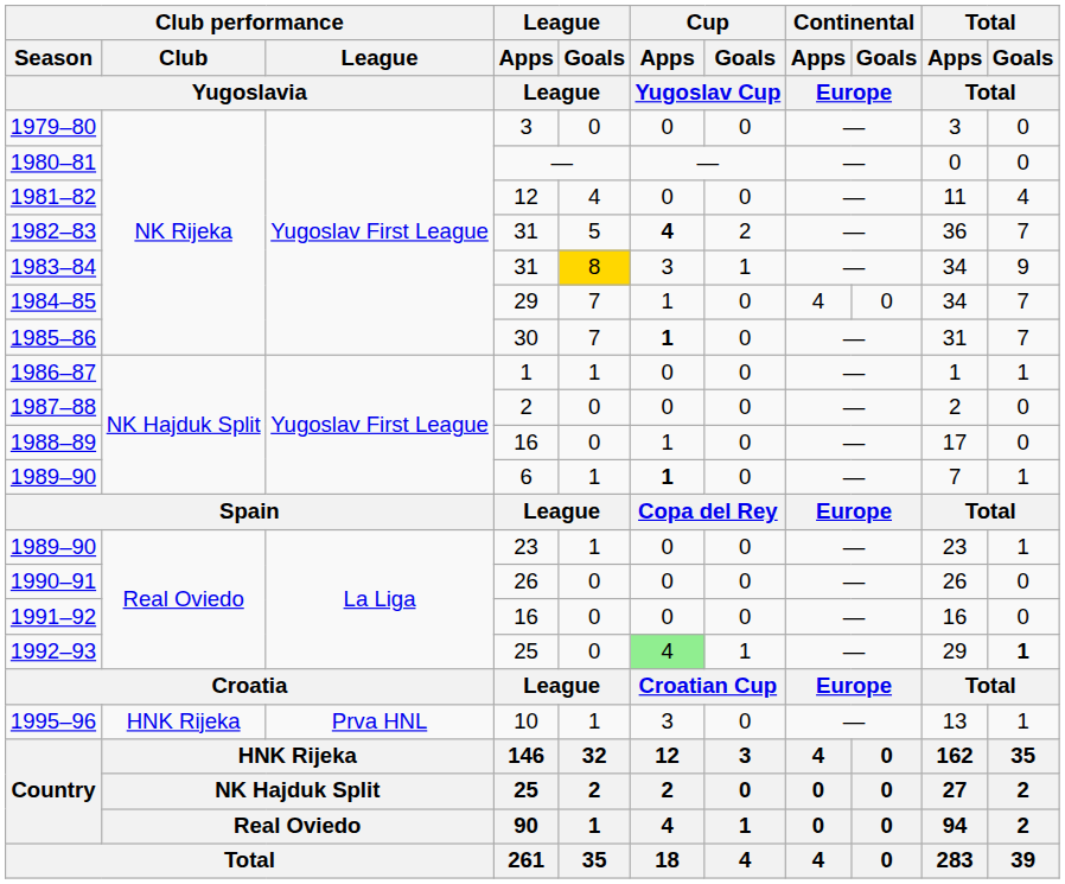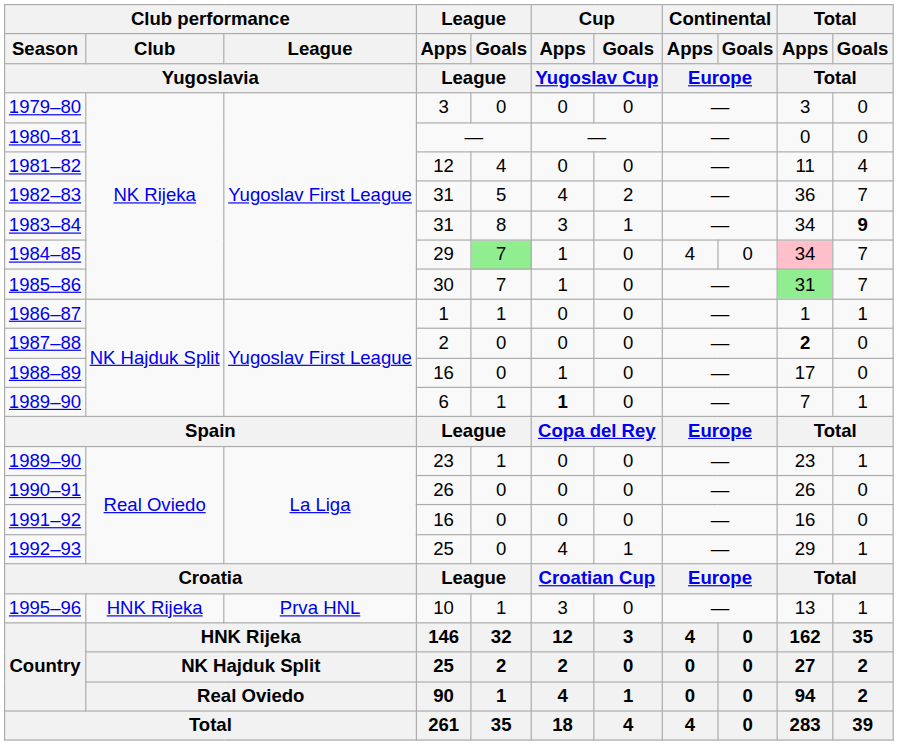 <table class="wikitable" style="text-align:center;">
 <tr>
 <th colspan=3>Club performance</th>
 <th colspan=2>League</th>
 <th colspan=2>Cup</th>
 <th colspan=2>Continental</th>
 <th colspan=2>Total</th>
 </tr>
 <tr>
 <th>Season</th>
 <th>Club</th>
 <th>League</th>
 <th>Apps</th>
 <th>Goals</th>
 <th>Apps</th>
 <th>Goals</th>
 <th>Apps</th>
 <th>Goals</th>
 <th>Apps</th>
 <th>Goals</th>
 </tr>
 <tr>
 <th colspan=3>Yugoslavia</th>
 <th colspan=2>League</th>
 <th colspan=2><a href='#'>Yugoslav Cup</a></th>
 <th colspan=2><a href='#'>Europe</a></th>
 <th colspan=2>Total</th>
 </tr>
 <tr>
 <td><a href='#'>1979–80</a></td>
 <td rowspan="7"><a href='#'>NK Rijeka</a></td>
 <td rowspan="7"><a href='#'>Yugoslav First League</a></td>
 <td>3</td>
 <td>0</td>
 <td>0</td>
 <td>0</td>
 <td colspan="2">—</td>
 <td>3</td>
 <td>0</td>
 </tr>
 <tr>
 <td><a href='#'>1980–81</a></td>
 <td colspan="2">—</td>
 <td colspan="2">—</td>
 <td colspan="2">—</td>
 <td>0</td>
 <td>0</td>
 </tr>
 <tr>
 <td><a href='#'>1981–82</a></td>
 <td>12</td>
 <td>4</td>
 <td>0</td>
 <td>0</td>
 <td colspan="2">—</td>
 <td>11</td>
 <td>4</td>
 </tr>
 <tr>
 <td><a href='#'>1982–83</a></td>
 <td>31</td>
 <td>5</td>
-<td><strong>4</strong></td>
+<td>4</td>
 <td>2</td>
 <td colspan="2">—</td>
 <td>36</td>
 <td>7</td>
 </tr>
 <tr>
 <td><a href='#'>1983–84</a></td>
 <td>31</td>
-<td style="background: gold;">8</td>
+<td>8</td>
 <td>3</td>
 <td>1</td>
 <td colspan="2">—</td>
 <td>34</td>
-<td>9</td>
+<td><strong>9</strong></td>
 </tr>
 <tr>
 <td><a href='#'>1984–85</a></td>
 <td>29</td>
-<td>7</td>
+<td style="background: lightgreen;">7</td>
 <td>1</td>
 <td>0</td>
 <td>4</td>
 <td>0</td>
-<td>34</td>
+<td style="background: pink;">34</td>
 <td>7</td>
 </tr>
 <tr>
 <td><a href='#'>1985–86</a></td>
 <td>30</td>
 <td>7</td>
-<td><strong>1</strong></td>
+<td>1</td>
 <td>0</td>
 <td colspan="2">—</td>
-<td>31</td>
+<td style="background: lightgreen;">31</td>
 <td>7</td>
 </tr>
 <tr>
 <td><a href='#'>1986–87</a></td>
 <td rowspan="4"><a href='#'>NK Hajduk Split</a></td>
 <td rowspan="4"><a href='#'>Yugoslav First League</a></td>
 <td>1</td>
 <td>1</td>
 <td>0</td>
 <td>0</td>
 <td colspan="2">—</td>
 <td>1</td>
 <td>1</td>
 </tr>
 <tr>
 <td><a href='#'>1987–88</a></td>
 <td>2</td>
 <td>0</td>
 <td>0</td>
 <td>0</td>
 <td colspan="2">—</td>
-<td>2</td>
+<td><strong>2</strong></td>
 <td>0</td>
 </tr>
 <tr>
 <td><a href='#'>1988–89</a></td>
 <td>16</td>
 <td>0</td>
 <td>1</td>
 <td>0</td>
 <td colspan="2">—</td>
 <td>17</td>
 <td>0</td>
 </tr>
 <tr>
 <td><a href='#'>1989–90</a></td>
 <td>6</td>
 <td>1</td>
 <td><strong>1</strong></td>
 <td>0</td>
 <td colspan="2">—</td>
 <td>7</td>
 <td>1</td>
 </tr>
 <tr>
 <th colspan=3>Spain</th>
 <th colspan=2>League</th>
 <th colspan=2><a href='#'>Copa del Rey</a></th>
 <th colspan=2><a href='#'>Europe</a></th>
 <th colspan=2>Total</th>
 </tr>
 <tr>
 <td><a href='#'>1989–90</a></td>
 <td rowspan="4"><a href='#'>Real Oviedo</a></td>
 <td rowspan="4"><a href='#'>La Liga</a></td>
 <td>23</td>
 <td>1</td>
 <td>0</td>
 <td>0</td>
 <td colspan="2">—</td>
 <td>23</td>
 <td>1</td>
 </tr>
 <tr>
 <td><a href='#'>1990–91</a></td>
 <td>26</td>
 <td>0</td>
 <td>0</td>
 <td>0</td>
 <td colspan="2">—</td>
 <td>26</td>
 <td>0</td>
 </tr>
 <tr>
 <td><a href='#'>1991–92</a></td>
 <td>16</td>
 <td>0</td>
 <td>0</td>
 <td>0</td>
 <td colspan="2">—</td>
 <td>16</td>
 <td>0</td>
 </tr>
 <tr>
 <td><a href='#'>1992–93</a></td>
 <td>25</td>
 <td>0</td>
-<td style="background: lightgreen;">4</td>
+<td>4</td>
 <td>1</td>
 <td colspan="2">—</td>
 <td>29</td>
-<td><strong>1</strong></td>
+<td>1</td>
 </tr>
 <tr>
 <th colspan=3>Croatia</th>
 <th colspan=2>League</th>
 <th colspan=2><a href='#'>Croatian Cup</a></th>
 <th colspan=2><a href='#'>Europe</a></th>
 <th colspan=2>Total</th>
 </tr>
 <tr>
 <td><a href='#'>1995–96</a></td>
 <td rowspan="1"><a href='#'>HNK Rijeka</a></td>
 <td rowspan="1"><a href='#'>Prva HNL</a></td>
 <td>10</td>
 <td>1</td>
 <td>3</td>
 <td>0</td>
 <td colspan="2">—</td>
 <td>13</td>
 <td>1</td>
 </tr>
 <tr>
 <th rowspan=3>Country</th>
 <th colspan=2>HNK Rijeka</th>
 <th>146</th>
 <th>32</th>
 <th>12</th>
 <th>3</th>
 <th>4</th>
 <th>0</th>
 <th>162</th>
 <th>35</th>
 </tr>
 <tr>
 <th colspan=2>NK Hajduk Split</th>
 <th>25</th>
 <th>2</th>
 <th>2</th>
 <th>0</th>
 <th>0</th>
 <th>0</th>
 <th>27</th>
 <th>2</th>
 </tr>
 <tr>
 <th colspan=2>Real Oviedo</th>
 <th>90</th>
 <th>1</th>
 <th>4</th>
 <th>1</th>
 <th>0</th>
 <th>0</th>
 <th>94</th>
 <th>2</th>
 </tr>
 <tr>
 <th colspan=3>Total</th>
 <th>261</th>
 <th>35</th>
 <th>18</th>
 <th>4</th>
 <th>4</th>
 <th>0</th>
 <th>283</th>
 <th>39</th>
 </tr>
 </table>
